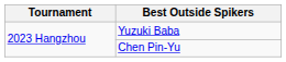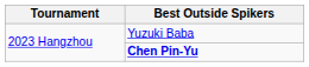 <table class=wikitable style="width: 400px;">
 <tr>
 <th style="width: 40%;">Tournament</th>
 <th style="width: 60%;">Best Outside Spikers</th>
 </tr>
 <tr>
 <td rowspan=2><a href='#'>2023 Hangzhou</a></td>
 <td> <a href='#'>Yuzuki Baba</a></td>
 </tr>
 <tr>
-<td> <a href='#'>Chen Pin-Yu</a></td>
+<td><strong> <a href='#'>Chen Pin-Yu</a></strong></td>
 </tr>
 </table>
